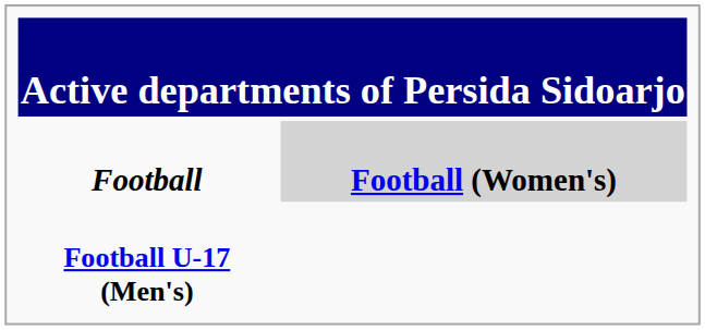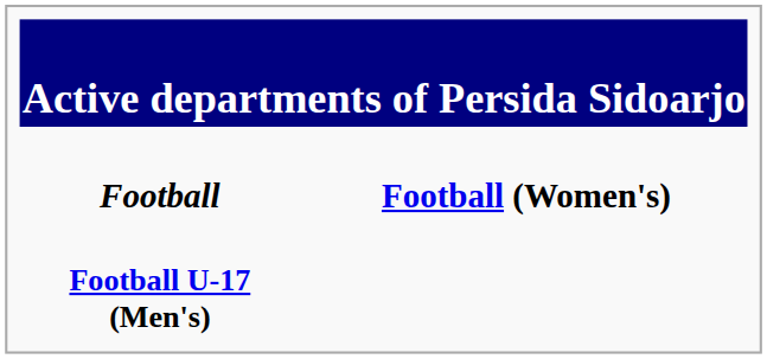 <table class="infobox" style="font-size: 88%; width: 22em; text-align: center">
 <tr>
 <th colspan=3 style="font-size: 125%; background-color:#000080; color:white; text-align:center;"><br>Active departments of Persida Sidoarjo</th>
 </tr>
 <tr style="text-align: center">
 <td><br><strong><em>Football</em></strong></td>
-<td style="background: lightgrey;"><br><strong><a href='#'>Football</a> (Women's)</strong></td>
+<td><br><strong><a href='#'>Football</a> (Women's)</strong></td>
 </tr>
 <tr style="font-size: 90%; text-align: center">
 <td><br><strong><a href='#'>Football U-17</a><br> (Men's)</strong></td>
 </tr>
 </table>
